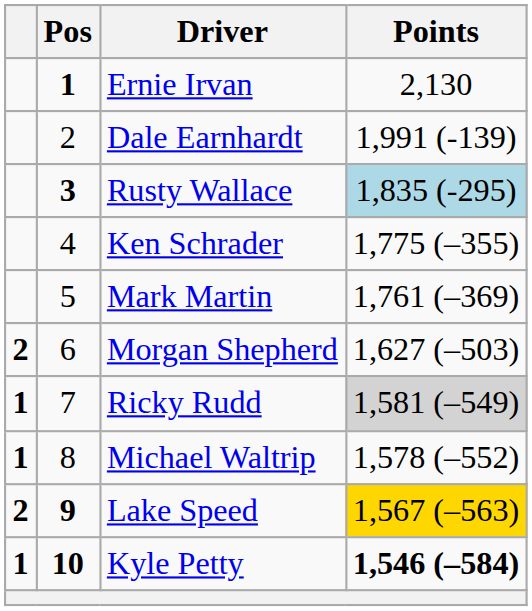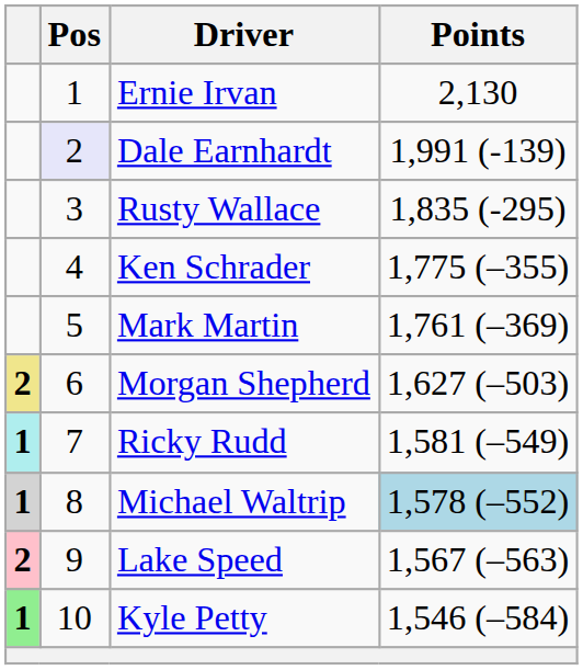 <table class="wikitable" style="font-size: 95%;">
 <tr>
 <th></th>
 <th>Pos</th>
 <th>Driver</th>
 <th>Points</th>
 </tr>
 <tr>
 <td align="left"></td>
-<td style="text-align:center;"><strong>1</strong></td>
+<td style="text-align:center;">1</td>
 <td><a href='#'>Ernie Irvan</a></td>
 <td style="text-align:center;">2,130</td>
 </tr>
 <tr>
 <td align="left"></td>
-<td style="text-align:center;">2</td>
+<td style="background: lavender; text-align:center;">2</td>
 <td><a href='#'>Dale Earnhardt</a></td>
 <td style="text-align:center;">1,991 (-139)</td>
 </tr>
 <tr>
 <td align="left"></td>
-<td style="text-align:center;"><strong>3</strong></td>
+<td style="text-align:center;">3</td>
 <td><a href='#'>Rusty Wallace</a></td>
-<td style="background: lightblue; text-align:center;">1,835 (-295)</td>
+<td style="text-align:center;">1,835 (-295)</td>
 </tr>
 <tr>
 <td align="left"></td>
 <td style="text-align:center;">4</td>
 <td><a href='#'>Ken Schrader</a></td>
 <td style="text-align:center;">1,775 (–355)</td>
 </tr>
 <tr>
 <td align="left"></td>
 <td style="text-align:center;">5</td>
 <td><a href='#'>Mark Martin</a></td>
 <td style="text-align:center;">1,761 (–369)</td>
 </tr>
 <tr>
-<td align="left"> <strong>2</strong></td>
+<td align="left" style="background: khaki;"> <strong>2</strong></td>
 <td style="text-align:center;">6</td>
 <td><a href='#'>Morgan Shepherd</a></td>
 <td style="text-align:center;">1,627 (–503)</td>
 </tr>
 <tr>
-<td align="left"> <strong>1</strong></td>
+<td align="left" style="background: paleturquoise;"> <strong>1</strong></td>
 <td style="text-align:center;">7</td>
 <td><a href='#'>Ricky Rudd</a></td>
-<td style="background: lightgrey; text-align:center;">1,581 (–549)</td>
+<td style="text-align:center;">1,581 (–549)</td>
 </tr>
 <tr>
-<td align="left"> <strong>1</strong></td>
+<td align="left" style="background: lightgrey;"> <strong>1</strong></td>
 <td style="text-align:center;">8</td>
 <td><a href='#'>Michael Waltrip</a></td>
-<td style="text-align:center;">1,578 (–552)</td>
+<td style="background: lightblue; text-align:center;">1,578 (–552)</td>
 </tr>
 <tr>
-<td align="left"> <strong>2</strong></td>
-<td style="text-align:center;"><strong>9</strong></td>
+<td align="left" style="background: pink;"> <strong>2</strong></td>
+<td style="text-align:center;">9</td>
 <td><a href='#'>Lake Speed</a></td>
-<td style="background: gold; text-align:center;">1,567 (–563)</td>
+<td style="text-align:center;">1,567 (–563)</td>
 </tr>
 <tr>
-<td align="left"> <strong>1</strong></td>
-<td style="text-align:center;"><strong>10</strong></td>
+<td align="left" style="background: lightgreen;"> <strong>1</strong></td>
+<td style="text-align:center;">10</td>
 <td><a href='#'>Kyle Petty</a></td>
-<td style="text-align:center;"><strong>1,546 (–584)</strong></td>
+<td style="text-align:center;">1,546 (–584)</td>
 </tr>
 <tr class="sortbottom">
 <th colspan="9"></th>
 </tr>
 </table>
